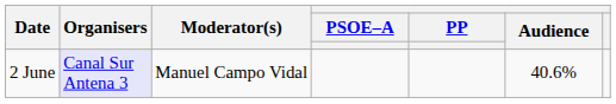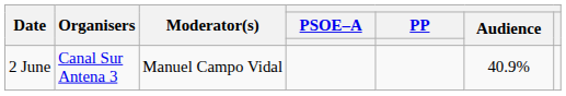 <table class="wikitable" style="text-align:center;">
 <tr>
 <th rowspan="3">Date</th>
 <th rowspan="3">Organisers</th>
 <th rowspan="3">Moderator(s)</th>
 <th colspan="5">  </th>
 </tr>
 <tr>
 <th scope="col" style="width:5em;"><a href='#'>PSOE–A</a></th>
 <th scope="col" style="width:5em;"><a href='#'>PP</a></th>
 <th rowspan="2" scope="col" style="width:5em;">Audience</th>
 <th rowspan="2"></th>
 </tr>
 <tr>
 <th style="color:inherit;background:"></th>
 <th style="color:inherit;background:"></th>
 </tr>
 <tr>
 <td style="white-space:nowrap; text-align:left;">2 June</td>
-<td style="background: lavender; white-space:nowrap; text-align:left;"><a href='#'>Canal Sur</a><br><a href='#'>Antena 3</a></td>
+<td style="white-space:nowrap; text-align:left;"><a href='#'>Canal Sur</a><br><a href='#'>Antena 3</a></td>
 <td style="white-space:nowrap; text-align:left;">Manuel Campo Vidal</td>
 <td></td>
 <td></td>
-<td>40.6%<br></td>
+<td>40.9%<br></td>
 <td><br></td>
 </tr>
 </table>
